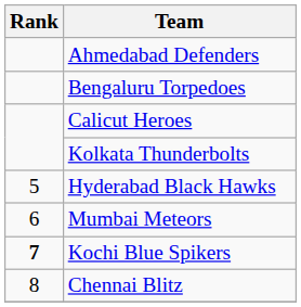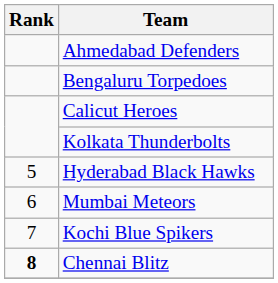 <table class="wikitable" style="white-space: nowrap;">
 <tr>
 <th width=20%>Rank</th>
 <th>Team</th>
 </tr>
 <tr>
 <td style="text-align:center;"></td>
 <td><a href='#'>Ahmedabad Defenders</a></td>
 </tr>
 <tr>
 <td style="text-align:center;"></td>
 <td><a href='#'>Bengaluru Torpedoes</a></td>
 </tr>
 <tr>
 <td rowspan=2 style="text-align:center;"></td>
 <td><a href='#'>Calicut Heroes</a></td>
 </tr>
 <tr>
 <td><a href='#'>Kolkata Thunderbolts</a></td>
 </tr>
 <tr>
 <td style="text-align:center;">5</td>
 <td><a href='#'>Hyderabad Black Hawks</a></td>
 </tr>
 <tr>
 <td style="text-align:center;">6</td>
 <td><a href='#'>Mumbai Meteors</a></td>
 </tr>
 <tr>
-<td style="text-align:center;"><strong>7</strong></td>
+<td style="text-align:center;">7</td>
 <td><a href='#'>Kochi Blue Spikers</a></td>
 </tr>
 <tr>
-<td style="text-align:center;">8</td>
+<td style="text-align:center;"><strong>8</strong></td>
 <td><a href='#'>Chennai Blitz</a></td>
 </tr>
 <tr>
 </tr>
 </table>
